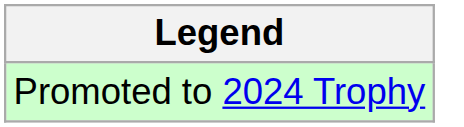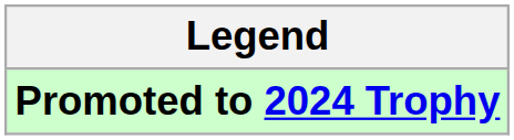 <table class="wikitable">
 <tr>
 <th>Legend</th>
 </tr>
 <tr>
-<td bgcolor="ccffcc">Promoted to <a href='#'>2024 Trophy</a></td>
+<td bgcolor="ccffcc"><strong>Promoted to <a href='#'>2024 Trophy</a></strong></td>
 </tr>
 </table>
